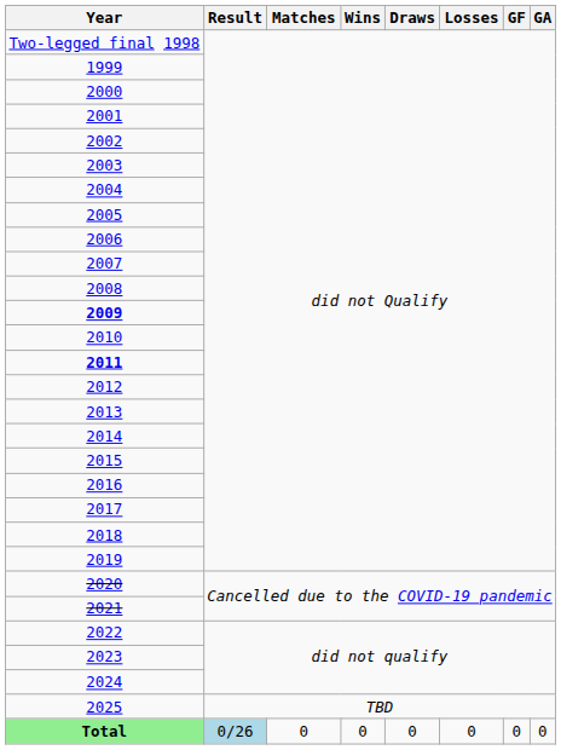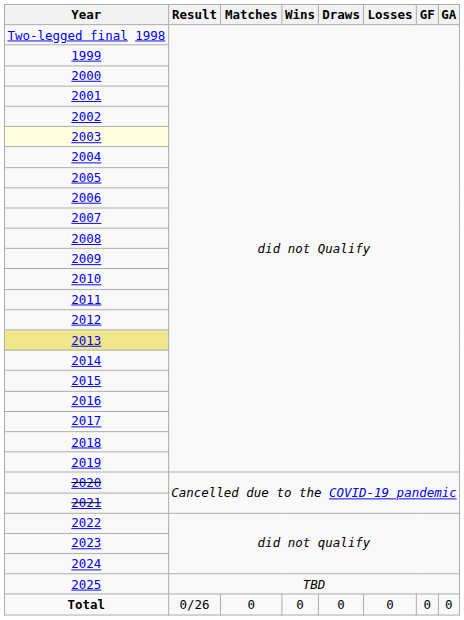 <table class="wikitable" style="text-align: center;">
 <tr>
 <th>Year</th>
 <th>Result</th>
 <th>Matches</th>
 <th>Wins</th>
 <th>Draws</th>
 <th>Losses</th>
 <th>GF</th>
 <th>GA</th>
 </tr>
 <tr>
 <td><a href='#'>Two-legged final</a> <a href='#'>1998</a></td>
 <td colspan=7 rowspan=22><em>did not Qualify</em></td>
 </tr>
 <tr>
 <td> <a href='#'>1999</a></td>
 </tr>
 <tr>
 <td> <a href='#'>2000</a></td>
 </tr>
 <tr>
 <td> <a href='#'>2001</a></td>
 </tr>
 <tr>
 <td> <a href='#'>2002</a></td>
 </tr>
 <tr>
-<td> <a href='#'>2003</a></td>
+<td style="background: lightyellow;"> <a href='#'>2003</a></td>
 </tr>
 <tr>
 <td> <a href='#'>2004</a></td>
 </tr>
 <tr>
 <td> <a href='#'>2005</a></td>
 </tr>
 <tr>
 <td> <a href='#'>2006</a></td>
 </tr>
 <tr>
 <td> <a href='#'>2007</a></td>
 </tr>
 <tr>
 <td> <a href='#'>2008</a></td>
 </tr>
 <tr>
-<td><strong> <a href='#'>2009</a></strong></td>
+<td> <a href='#'>2009</a></td>
 </tr>
 <tr>
 <td> <a href='#'>2010</a></td>
 </tr>
 <tr>
-<td><strong> <a href='#'>2011</a></strong></td>
+<td> <a href='#'>2011</a></td>
 </tr>
 <tr>
 <td> <a href='#'>2012</a></td>
 </tr>
 <tr>
-<td> <a href='#'>2013</a></td>
+<td style="background: khaki;"> <a href='#'>2013</a></td>
 </tr>
 <tr>
 <td> <a href='#'>2014</a></td>
 </tr>
 <tr>
 <td> <a href='#'>2015</a></td>
 </tr>
 <tr>
 <td> <a href='#'>2016</a></td>
 </tr>
 <tr>
 <td> <a href='#'>2017</a></td>
 </tr>
 <tr>
 <td> <a href='#'>2018</a></td>
 </tr>
 <tr>
 <td> <a href='#'>2019</a></td>
 </tr>
 <tr>
 <td> <s><a href='#'>2020</a></s></td>
 <td colspan=7 rowspan=2><em>Cancelled due to the <a href='#'>COVID-19 pandemic</a></em></td>
 </tr>
 <tr>
 <td> <s><a href='#'>2021</a></s></td>
 </tr>
 <tr>
 <td> <a href='#'>2022</a></td>
 <td colspan=7 rowspan=3><em>did not qualify</em></td>
 </tr>
 <tr>
 <td> <a href='#'>2023</a></td>
 </tr>
 <tr>
 <td> <a href='#'>2024</a></td>
 </tr>
 <tr>
 <td> <a href='#'>2025</a></td>
 <td colspan=8 rowspan=1><em>TBD</em></td>
 </tr>
 <tr>
-<td style="background: lightgreen;"><strong>Total</strong></td>
-<td style="background: lightblue;">0/26</td>
+<td><strong>Total</strong></td>
+<td>0/26</td>
 <td>0</td>
 <td>0</td>
 <td>0</td>
 <td>0</td>
 <td>0</td>
 <td>0</td>
 </tr>
 </table>
